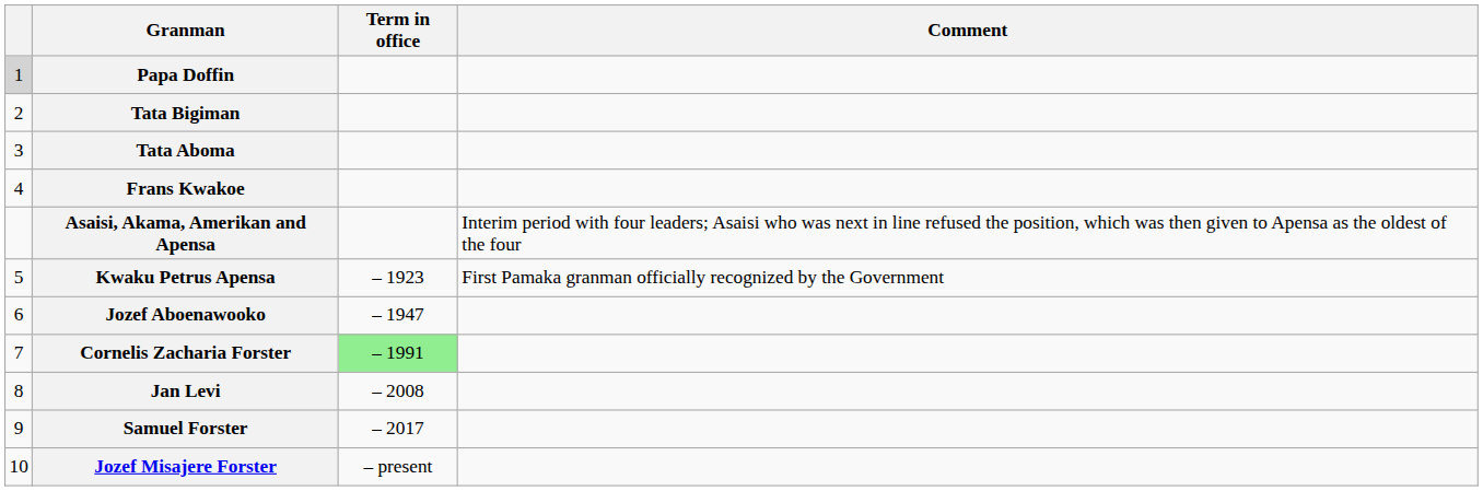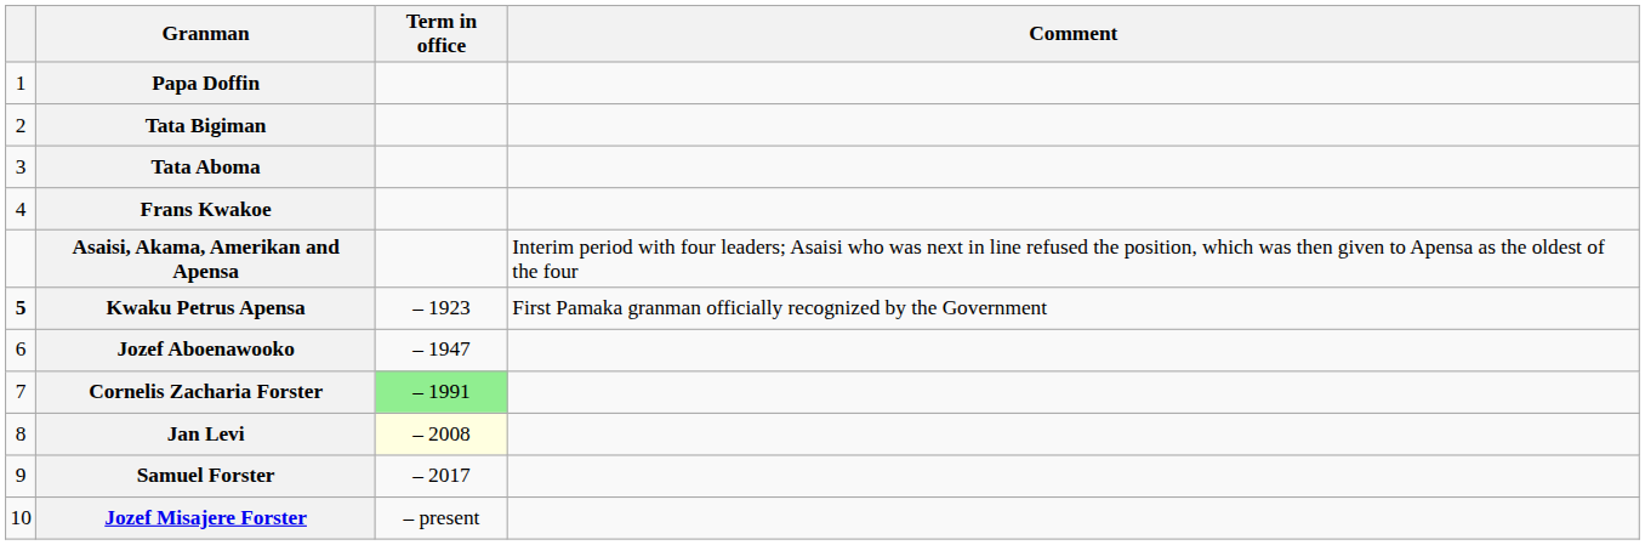 <table class="wikitable sortable" style="text-align:center;">
 <tr>
 <th scope="col"></th>
 <th scope="col">Granman</th>
 <th scope="col">Term in office</th>
 <th scope="col">Comment</th>
 </tr>
 <tr style="height:2em;">
-<td style="background: lightgrey;">1</td>
+<td>1</td>
 <th scope="row">Papa Doffin</th>
 <td></td>
 <td></td>
 </tr>
 <tr style="height:2em;">
 <td>2</td>
 <th scope="row">Tata Bigiman</th>
 <td></td>
 <td></td>
 </tr>
 <tr style="height:2em;">
 <td>3</td>
 <th scope="row">Tata Aboma</th>
 <td></td>
 <td></td>
 </tr>
 <tr style="height:2em;">
 <td>4</td>
 <th scope="row">Frans Kwakoe</th>
 <td></td>
 <td></td>
 </tr>
 <tr style="height:2em;">
 <td></td>
 <th scope="row">Asaisi, Akama, Amerikan and Apensa</th>
 <td></td>
 <td align="left">Interim period with four leaders; Asaisi who was next in line refused the position, which was then given to Apensa as the oldest of the four</td>
 </tr>
 <tr style="height:2em;">
-<td>5</td>
+<td><strong>5</strong></td>
 <th scope="row">Kwaku Petrus Apensa</th>
 <td> – 1923</td>
 <td align="left">First Pamaka granman officially recognized by the Government</td>
 </tr>
 <tr style="height:2em;">
 <td>6</td>
 <th scope="row">Jozef Aboenawooko</th>
 <td> – 1947</td>
 <td></td>
 </tr>
 <tr style="height:2em;">
 <td>7</td>
 <th scope="row">Cornelis Zacharia Forster</th>
 <td style="background: lightgreen;"> – 1991</td>
 <td></td>
 </tr>
 <tr style="height:2em;">
 <td>8</td>
 <th scope="row">Jan Levi</th>
-<td> – 2008</td>
+<td style="background: lightyellow;"> – 2008</td>
 <td></td>
 </tr>
 <tr style="height:2em;">
 <td>9</td>
 <th scope="row">Samuel Forster</th>
 <td> – 2017</td>
 <td></td>
 </tr>
 <tr style="height:2em;">
 <td>10</td>
 <th score="row"><a href='#'>Jozef Misajere Forster</a></th>
 <td> – present</td>
 </tr>
 </table>
